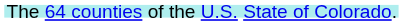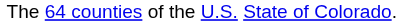 <table style="float:right;border:0;margin:0;padding:0;">
 <tr>
 <td></td>
 </tr>
 <tr>
 <td></td>
 </tr>
 <tr style="font-size:9pt;line-height:0.5em;">
-<td align=center style="background: paleturquoise;">The <a href='#'>64 counties</a> of the <a href='#'>U.S.</a> <a href='#'>State of Colorado</a>.</td>
+<td align=center>The <a href='#'>64 counties</a> of the <a href='#'>U.S.</a> <a href='#'>State of Colorado</a>.</td>
 </tr>
 </table>
